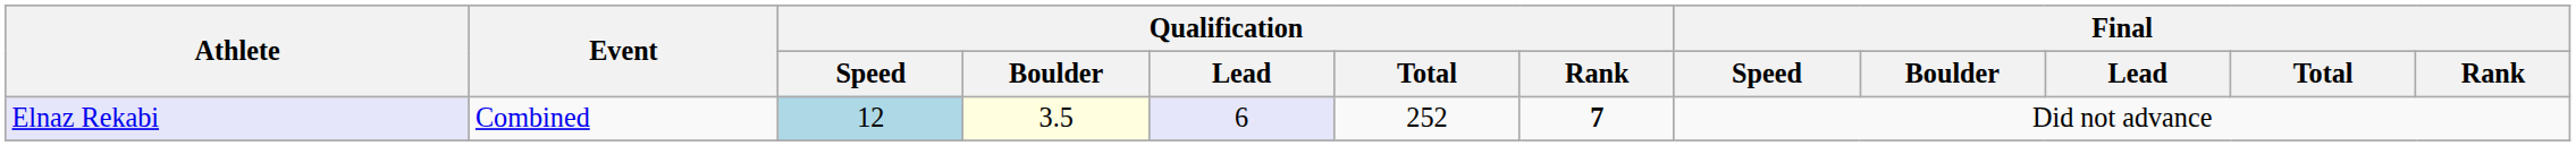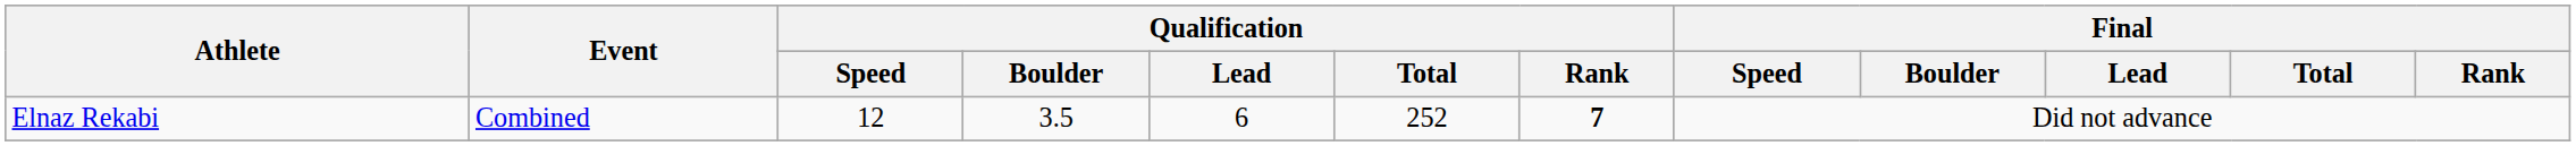 <table class="wikitable" width="85%" style="text-align:center; font-size:90%">
 <tr>
 <th rowspan="2" width="15%">Athlete</th>
 <th rowspan="2" width="10%">Event</th>
 <th colspan="5">Qualification</th>
 <th colspan="5">Final</th>
 </tr>
 <tr>
 <th width="6%">Speed</th>
 <th width="6%">Boulder</th>
 <th width="6%">Lead</th>
 <th width="6%">Total</th>
 <th width="5%">Rank</th>
 <th width="6%">Speed</th>
 <th width="6%">Boulder</th>
 <th width="6%">Lead</th>
 <th width="6%">Total</th>
 <th width="5%">Rank</th>
 </tr>
 <tr>
-<td align="left" style="background: lavender;"><a href='#'>Elnaz Rekabi</a></td>
+<td align="left"><a href='#'>Elnaz Rekabi</a></td>
 <td align="left"><a href='#'>Combined</a></td>
-<td style="background: lightblue;">12</td>
-<td style="background: lightyellow;">3.5</td>
-<td style="background: lavender;">6</td>
+<td>12</td>
+<td>3.5</td>
+<td>6</td>
 <td>252</td>
 <td><strong>7</strong></td>
 <td colspan=5>Did not advance</td>
 </tr>
 </table>
